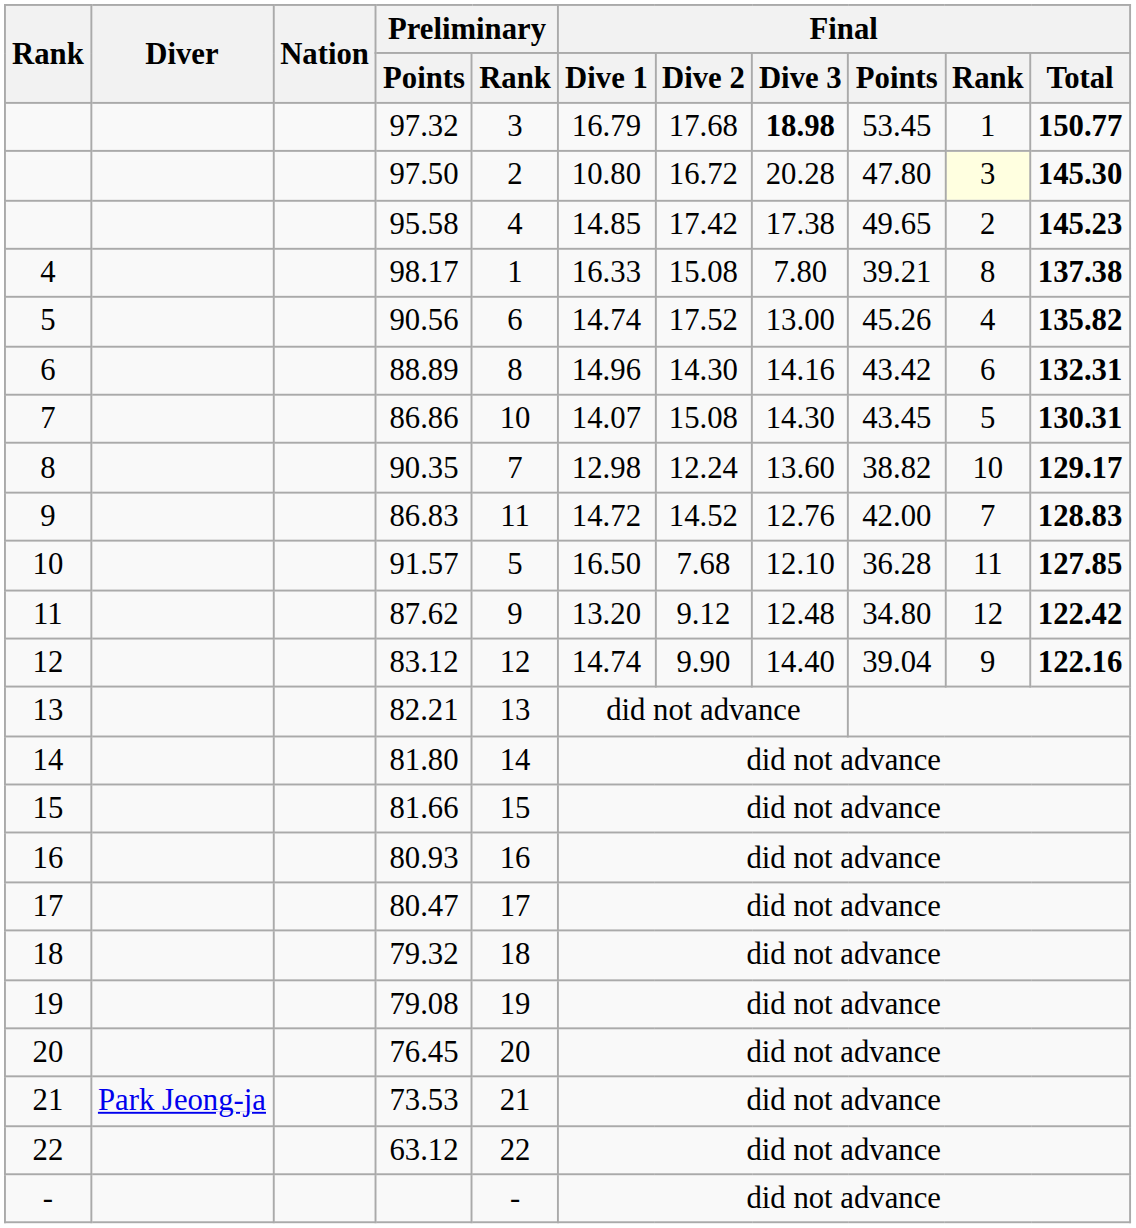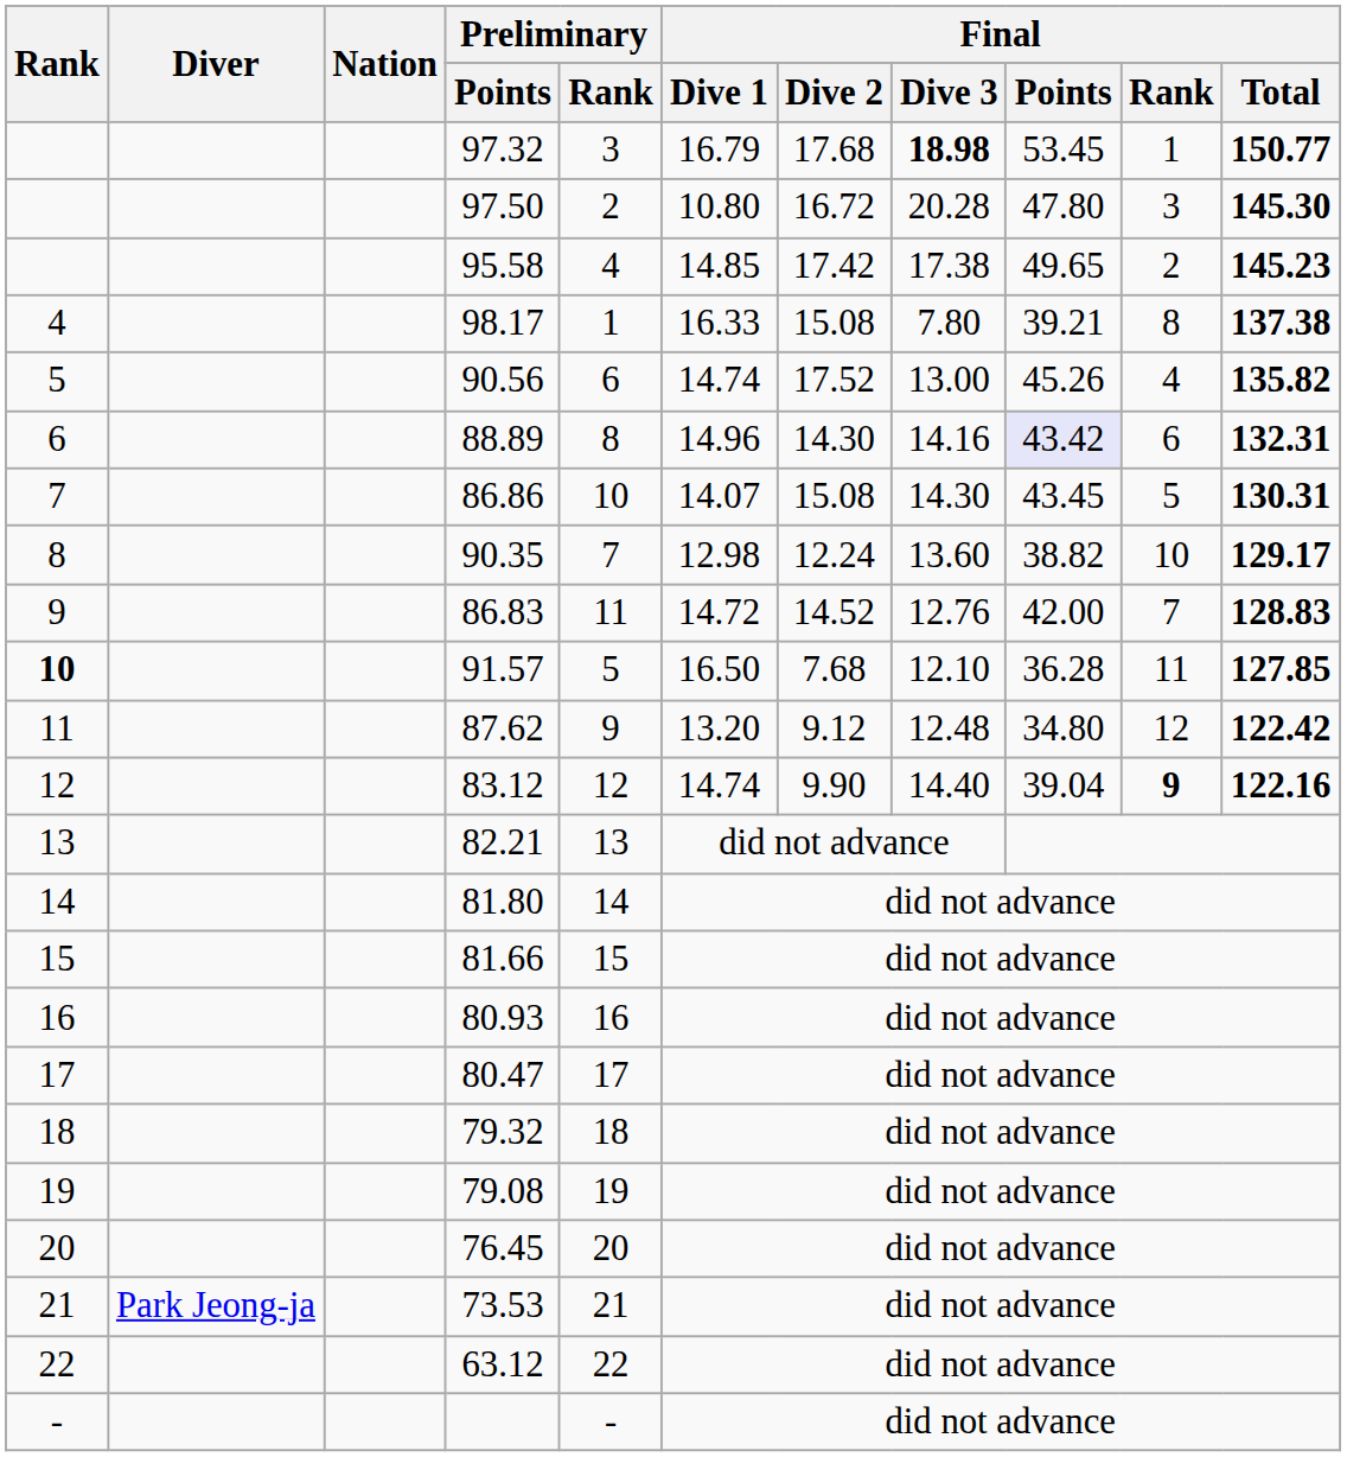 <table class="wikitable sortable" style="text-align:center;">
 <tr>
 <th rowspan=2>Rank</th>
 <th rowspan=2>Diver</th>
 <th rowspan=2>Nation</th>
 <th colspan=2>Preliminary</th>
 <th colspan=6>Final</th>
 </tr>
 <tr>
 <th>Points</th>
 <th>Rank</th>
 <th>Dive 1</th>
 <th>Dive 2</th>
 <th>Dive 3</th>
 <th>Points</th>
 <th>Rank</th>
 <th>Total</th>
 </tr>
 <tr>
 <td></td>
 <td align=left></td>
 <td align=left></td>
 <td>97.32</td>
 <td>3</td>
 <td>16.79</td>
 <td>17.68</td>
 <td><strong>18.98</strong></td>
 <td>53.45</td>
 <td>1</td>
 <td><strong>150.77</strong></td>
 </tr>
 <tr>
 <td></td>
 <td align=left></td>
 <td align=left></td>
 <td>97.50</td>
 <td>2</td>
 <td>10.80</td>
 <td>16.72</td>
 <td>20.28</td>
 <td>47.80</td>
-<td style="background: lightyellow;">3</td>
+<td>3</td>
 <td><strong>145.30</strong></td>
 </tr>
 <tr>
 <td></td>
 <td align=left></td>
 <td align=left></td>
 <td>95.58</td>
 <td>4</td>
 <td>14.85</td>
 <td>17.42</td>
 <td>17.38</td>
 <td>49.65</td>
 <td>2</td>
 <td><strong>145.23</strong></td>
 </tr>
 <tr>
 <td>4</td>
 <td align=left></td>
 <td align=left></td>
 <td>98.17</td>
 <td>1</td>
 <td>16.33</td>
 <td>15.08</td>
 <td>7.80</td>
 <td>39.21</td>
 <td>8</td>
 <td><strong>137.38</strong></td>
 </tr>
 <tr>
 <td>5</td>
 <td align=left></td>
 <td align=left></td>
 <td>90.56</td>
 <td>6</td>
 <td>14.74</td>
 <td>17.52</td>
 <td>13.00</td>
 <td>45.26</td>
 <td>4</td>
 <td><strong>135.82</strong></td>
 </tr>
 <tr>
 <td>6</td>
 <td align=left></td>
 <td align=left></td>
 <td>88.89</td>
 <td>8</td>
 <td>14.96</td>
 <td>14.30</td>
 <td>14.16</td>
-<td>43.42</td>
+<td style="background: lavender;">43.42</td>
 <td>6</td>
 <td><strong>132.31</strong></td>
 </tr>
 <tr>
 <td>7</td>
 <td align=left></td>
 <td align=left></td>
 <td>86.86</td>
 <td>10</td>
 <td>14.07</td>
 <td>15.08</td>
 <td>14.30</td>
 <td>43.45</td>
 <td>5</td>
 <td><strong>130.31</strong></td>
 </tr>
 <tr>
 <td>8</td>
 <td align=left></td>
 <td align=left></td>
 <td>90.35</td>
 <td>7</td>
 <td>12.98</td>
 <td>12.24</td>
 <td>13.60</td>
 <td>38.82</td>
 <td>10</td>
 <td><strong>129.17</strong></td>
 </tr>
 <tr>
 <td>9</td>
 <td align=left></td>
 <td align=left></td>
 <td>86.83</td>
 <td>11</td>
 <td>14.72</td>
 <td>14.52</td>
 <td>12.76</td>
 <td>42.00</td>
 <td>7</td>
 <td><strong>128.83</strong></td>
 </tr>
 <tr>
-<td>10</td>
+<td><strong>10</strong></td>
 <td align=left></td>
 <td align=left></td>
 <td>91.57</td>
 <td>5</td>
 <td>16.50</td>
 <td>7.68</td>
 <td>12.10</td>
 <td>36.28</td>
 <td>11</td>
 <td><strong>127.85</strong></td>
 </tr>
 <tr>
 <td>11</td>
 <td align=left></td>
 <td align=left></td>
 <td>87.62</td>
 <td>9</td>
 <td>13.20</td>
 <td>9.12</td>
 <td>12.48</td>
 <td>34.80</td>
 <td>12</td>
 <td><strong>122.42</strong></td>
 </tr>
 <tr>
 <td>12</td>
 <td align=left></td>
 <td align=left></td>
 <td>83.12</td>
 <td>12</td>
 <td>14.74</td>
 <td>9.90</td>
 <td>14.40</td>
 <td>39.04</td>
-<td>9</td>
+<td><strong>9</strong></td>
 <td><strong>122.16</strong></td>
 </tr>
 <tr>
 <td>13</td>
 <td align=left></td>
 <td align=left></td>
 <td>82.21</td>
 <td>13</td>
 <td colspan=3>did not advance</td>
 </tr>
 <tr>
 <td>14</td>
 <td align=left></td>
 <td align=left></td>
 <td>81.80</td>
 <td>14</td>
 <td colspan=6>did not advance</td>
 </tr>
 <tr>
 <td>15</td>
 <td align=left></td>
 <td align=left></td>
 <td>81.66</td>
 <td>15</td>
 <td colspan=6>did not advance</td>
 </tr>
 <tr>
 <td>16</td>
 <td align=left></td>
 <td align=left></td>
 <td>80.93</td>
 <td>16</td>
 <td colspan=6>did not advance</td>
 </tr>
 <tr>
 <td>17</td>
 <td align=left></td>
 <td align=left></td>
 <td>80.47</td>
 <td>17</td>
 <td colspan=6>did not advance</td>
 </tr>
 <tr>
 <td>18</td>
 <td align=left></td>
 <td align=left></td>
 <td>79.32</td>
 <td>18</td>
 <td colspan=6>did not advance</td>
 </tr>
 <tr>
 <td>19</td>
 <td align=left></td>
 <td align=left></td>
 <td>79.08</td>
 <td>19</td>
 <td colspan=6>did not advance</td>
 </tr>
 <tr>
 <td>20</td>
 <td align=left></td>
 <td align=left></td>
 <td>76.45</td>
 <td>20</td>
 <td colspan=6>did not advance</td>
 </tr>
 <tr>
 <td>21</td>
 <td align=left><a href='#'>Park Jeong-ja</a></td>
 <td align=left></td>
 <td>73.53</td>
 <td>21</td>
 <td colspan=6>did not advance</td>
 </tr>
 <tr>
 <td>22</td>
 <td align=left></td>
 <td align=left></td>
 <td>63.12</td>
 <td>22</td>
 <td colspan=6>did not advance</td>
 </tr>
 <tr>
 <td>-</td>
 <td align=left></td>
 <td align=left></td>
 <td></td>
 <td>-</td>
 <td colspan=6>did not advance</td>
 </tr>
 </table>
